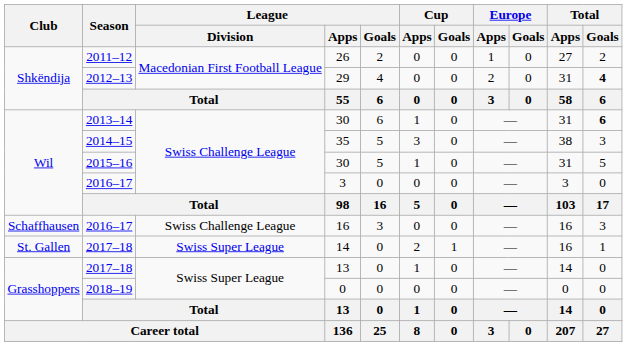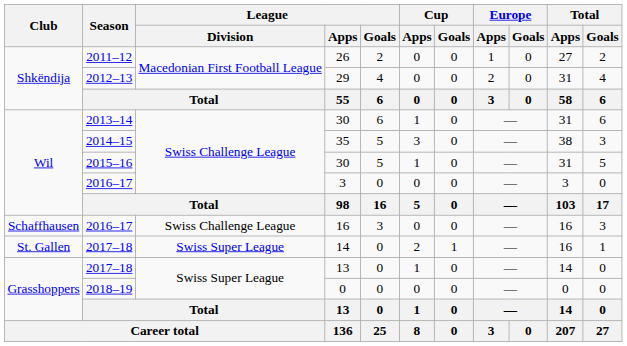 <table class="wikitable" style="text-align:center">
 <tr>
 <th rowspan="2">Club</th>
 <th rowspan="2">Season</th>
 <th colspan="3">League</th>
 <th colspan="2">Cup</th>
 <th colspan="2"><a href='#'>Europe</a></th>
 <th colspan="2">Total</th>
 </tr>
 <tr>
 <th>Division</th>
 <th>Apps</th>
 <th>Goals</th>
 <th>Apps</th>
 <th>Goals</th>
 <th>Apps</th>
 <th>Goals</th>
 <th>Apps</th>
 <th>Goals</th>
 </tr>
 <tr>
 <td rowspan="3"><a href='#'>Shkëndija</a></td>
 <td><a href='#'>2011–12</a></td>
 <td rowspan="2"><a href='#'>Macedonian First Football League</a></td>
 <td>26</td>
 <td>2</td>
 <td>0</td>
 <td>0</td>
 <td>1</td>
 <td>0</td>
 <td>27</td>
 <td>2</td>
 </tr>
 <tr>
 <td><a href='#'>2012–13</a></td>
 <td>29</td>
 <td>4</td>
 <td>0</td>
 <td>0</td>
 <td>2</td>
 <td>0</td>
 <td>31</td>
-<td><strong>4</strong></td>
+<td>4</td>
 </tr>
 <tr>
 <th colspan="2">Total</th>
 <th>55</th>
 <th>6</th>
 <th>0</th>
 <th>0</th>
 <th>3</th>
 <th>0</th>
 <th>58</th>
 <th>6</th>
 </tr>
 <tr>
 <td rowspan="5"><a href='#'>Wil</a></td>
 <td><a href='#'>2013–14</a></td>
 <td rowspan="4"><a href='#'>Swiss Challenge League</a></td>
 <td>30</td>
 <td>6</td>
 <td>1</td>
 <td>0</td>
 <td colspan="2">—</td>
 <td>31</td>
-<td><strong>6</strong></td>
+<td>6</td>
 </tr>
 <tr>
 <td><a href='#'>2014–15</a></td>
 <td>35</td>
 <td>5</td>
 <td>3</td>
 <td>0</td>
 <td colspan="2">—</td>
 <td>38</td>
 <td>3</td>
 </tr>
 <tr>
 <td><a href='#'>2015–16</a></td>
 <td>30</td>
 <td>5</td>
 <td>1</td>
 <td>0</td>
 <td colspan="2">—</td>
 <td>31</td>
 <td>5</td>
 </tr>
 <tr>
 <td><a href='#'>2016–17</a></td>
 <td>3</td>
 <td>0</td>
 <td>0</td>
 <td>0</td>
 <td colspan="2">—</td>
 <td>3</td>
 <td>0</td>
 </tr>
 <tr>
 <th colspan="2">Total</th>
 <th>98</th>
 <th>16</th>
 <th>5</th>
 <th>0</th>
 <th colspan="2">—</th>
 <th>103</th>
 <th>17</th>
 </tr>
 <tr>
 <td><a href='#'>Schaffhausen</a></td>
 <td><a href='#'>2016–17</a></td>
 <td>Swiss Challenge League</td>
 <td>16</td>
 <td>3</td>
 <td>0</td>
 <td>0</td>
 <td colspan="2">—</td>
 <td>16</td>
 <td>3</td>
 </tr>
 <tr>
 <td><a href='#'>St. Gallen</a></td>
 <td><a href='#'>2017–18</a></td>
 <td><a href='#'>Swiss Super League</a></td>
 <td>14</td>
 <td>0</td>
 <td>2</td>
 <td>1</td>
 <td colspan="2">—</td>
 <td>16</td>
 <td>1</td>
 </tr>
 <tr>
 <td rowspan="3"><a href='#'>Grasshoppers</a></td>
 <td><a href='#'>2017–18</a></td>
 <td rowspan="2">Swiss Super League</td>
 <td>13</td>
 <td>0</td>
 <td>1</td>
 <td>0</td>
 <td colspan="2">—</td>
 <td>14</td>
 <td>0</td>
 </tr>
 <tr>
 <td><a href='#'>2018–19</a></td>
 <td>0</td>
 <td>0</td>
 <td>0</td>
 <td>0</td>
 <td colspan="2">—</td>
 <td>0</td>
 <td>0</td>
 </tr>
 <tr>
 <th colspan="2">Total</th>
 <th>13</th>
 <th>0</th>
 <th>1</th>
 <th>0</th>
 <th colspan="2">—</th>
 <th>14</th>
 <th>0</th>
 </tr>
 <tr>
 <th colspan="3">Career total</th>
 <th>136</th>
 <th>25</th>
 <th>8</th>
 <th>0</th>
 <th>3</th>
 <th>0</th>
 <th>207</th>
 <th>27</th>
 </tr>
 </table>
